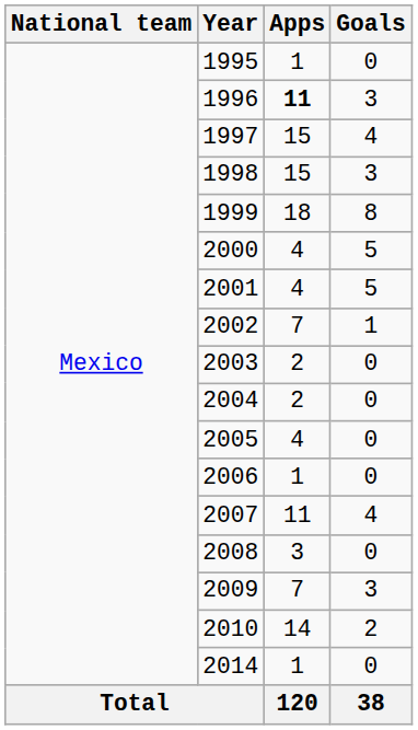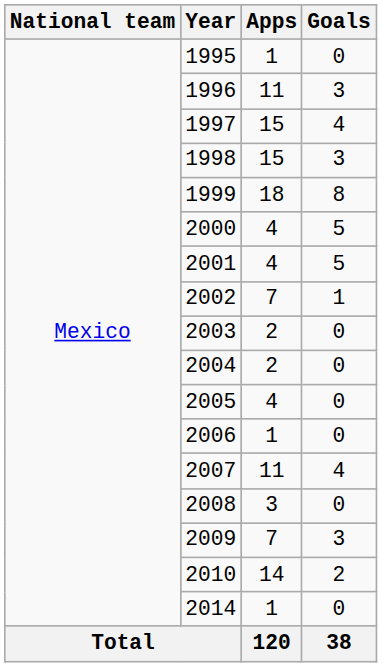 <table class="wikitable" style="text-align: center;">
 <tr>
 <th>National team</th>
 <th>Year</th>
 <th>Apps</th>
 <th>Goals</th>
 </tr>
 <tr>
 <td rowspan="17"><a href='#'>Mexico</a></td>
 <td>1995</td>
 <td>1</td>
 <td>0</td>
 </tr>
 <tr>
 <td>1996</td>
-<td><strong>11</strong></td>
+<td>11</td>
 <td>3</td>
 </tr>
 <tr>
 <td>1997</td>
 <td>15</td>
 <td>4</td>
 </tr>
 <tr>
 <td>1998</td>
 <td>15</td>
 <td>3</td>
 </tr>
 <tr>
 <td>1999</td>
 <td>18</td>
 <td>8</td>
 </tr>
 <tr>
 <td>2000</td>
 <td>4</td>
 <td>5</td>
 </tr>
 <tr>
 <td>2001</td>
 <td>4</td>
 <td>5</td>
 </tr>
 <tr>
 <td>2002</td>
 <td>7</td>
 <td>1</td>
 </tr>
 <tr>
 <td>2003</td>
 <td>2</td>
 <td>0</td>
 </tr>
 <tr>
 <td>2004</td>
 <td>2</td>
 <td>0</td>
 </tr>
 <tr>
 <td>2005</td>
 <td>4</td>
 <td>0</td>
 </tr>
 <tr>
 <td>2006</td>
 <td>1</td>
 <td>0</td>
 </tr>
 <tr>
 <td>2007</td>
 <td>11</td>
 <td>4</td>
 </tr>
 <tr>
 <td>2008</td>
 <td>3</td>
 <td>0</td>
 </tr>
 <tr>
 <td>2009</td>
 <td>7</td>
 <td>3</td>
 </tr>
 <tr>
 <td>2010</td>
 <td>14</td>
 <td>2</td>
 </tr>
 <tr>
 <td>2014</td>
 <td>1</td>
 <td>0</td>
 </tr>
 <tr>
 <th colspan="2">Total</th>
 <th>120</th>
 <th>38</th>
 </tr>
 </table>
